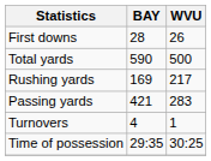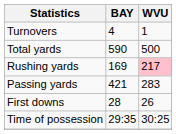 <table class="wikitable" style="float: left;">
 <tr>
 <th>Statistics</th>
 <th>BAY</th>
 <th>WVU</th>
 </tr>
 <tr>
-<td>First downs</td>
-<td>28</td>
-<td>26</td>
+<td>Turnovers</td>
+<td>4</td>
+<td>1</td>
 </tr>
 <tr>
 <td>Total yards</td>
 <td>590</td>
 <td>500</td>
 </tr>
 <tr>
 <td>Rushing yards</td>
 <td>169</td>
-<td>217</td>
+<td style="background: pink;">217</td>
 </tr>
 <tr>
 <td>Passing yards</td>
 <td>421</td>
 <td>283</td>
 </tr>
 <tr>
-<td>Turnovers</td>
-<td>4</td>
-<td>1</td>
+<td>First downs</td>
+<td>28</td>
+<td>26</td>
 </tr>
 <tr>
 <td>Time of possession</td>
 <td>29:35</td>
 <td>30:25</td>
 </tr>
 <tr>
 </tr>
 </table>
